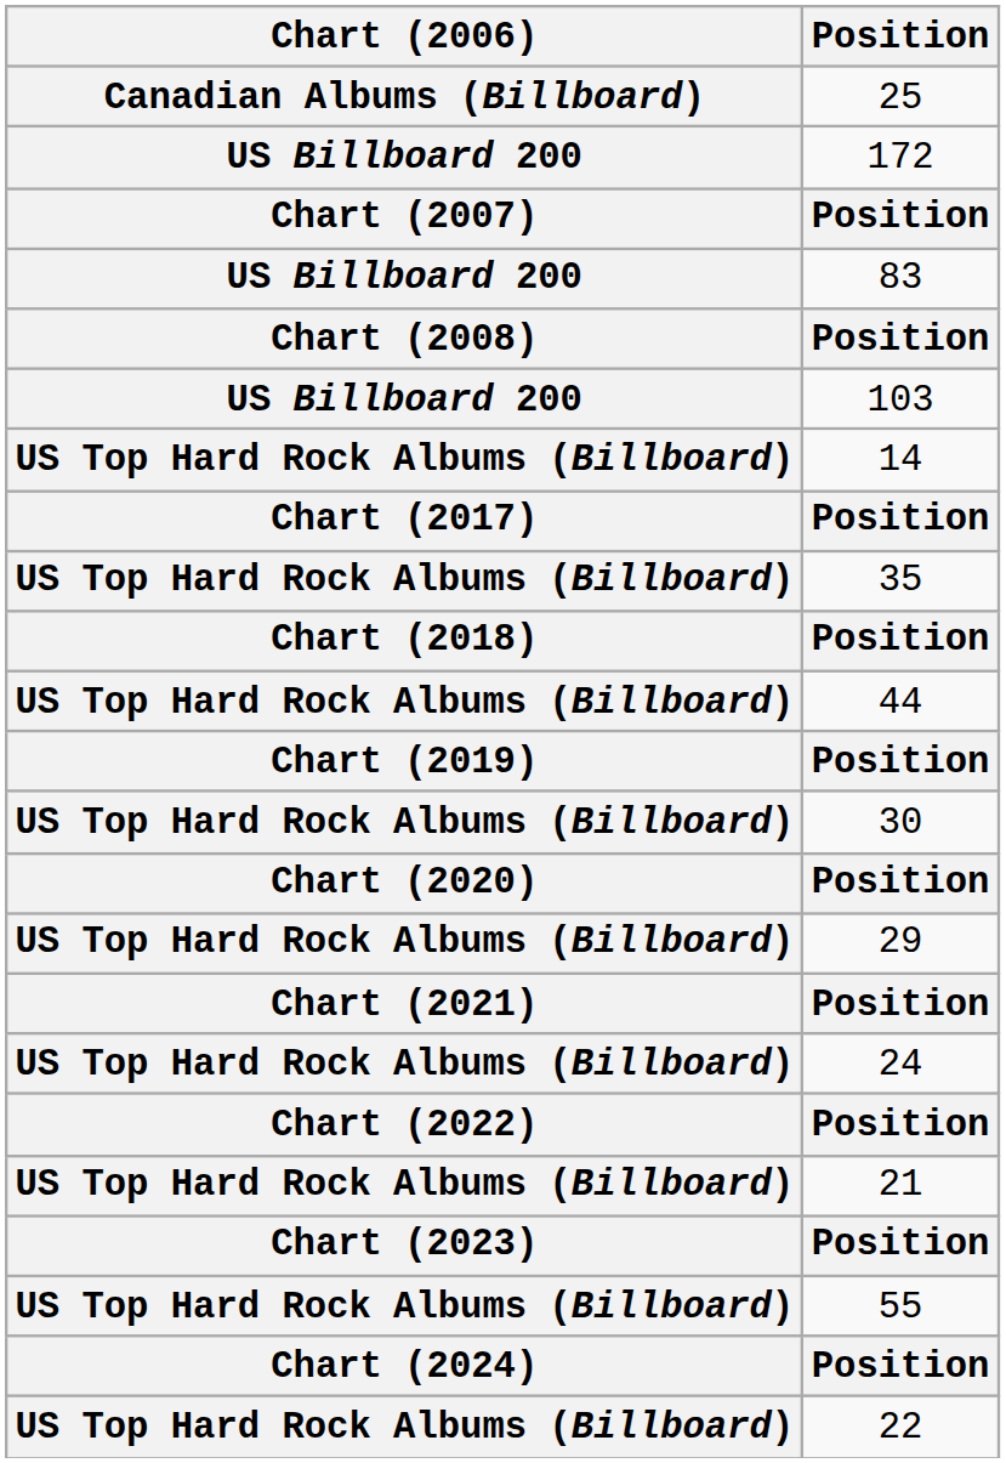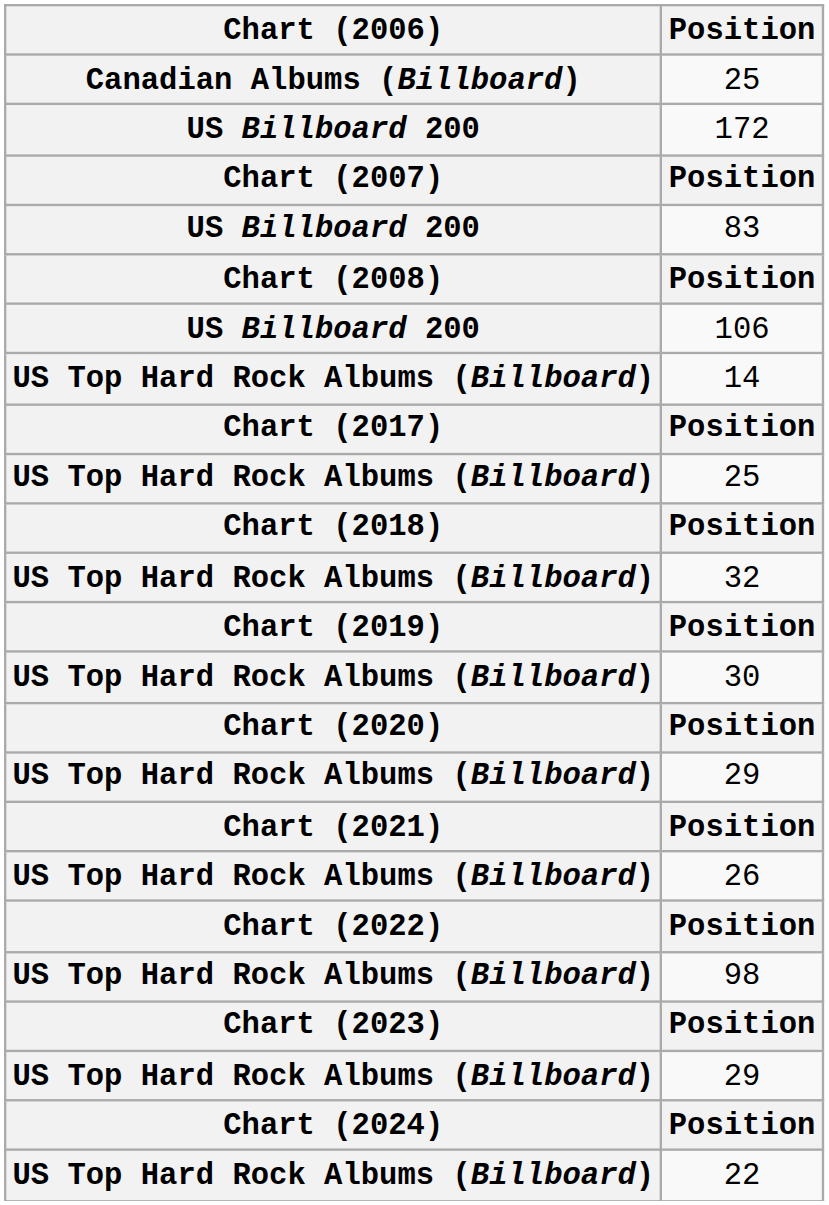 <table class="wikitable plainrowheaders" style="text-align:center">
 <tr>
 <th scope="col">Chart (2006)</th>
 <th scope="col">Position</th>
 </tr>
 <tr>
 <th scope="row">Canadian Albums (<em>Billboard</em>)</th>
 <td>25</td>
 </tr>
 <tr>
 <th scope="row">US <em>Billboard</em> 200</th>
 <td>172</td>
 </tr>
 <tr>
 <th scope="col">Chart (2007)</th>
 <th scope="col">Position</th>
 </tr>
 <tr>
 <th scope="row">US <em>Billboard</em> 200</th>
 <td>83</td>
 </tr>
 <tr>
 <th scope="col">Chart (2008)</th>
 <th scope="col">Position</th>
 </tr>
 <tr>
 <th scope="row">US <em>Billboard</em> 200</th>
-<td>103</td>
+<td>106</td>
 </tr>
 <tr>
 <th scope="row">US Top Hard Rock Albums (<em>Billboard</em>)</th>
 <td>14</td>
 </tr>
 <tr>
 <th scope="col">Chart (2017)</th>
 <th scope="col">Position</th>
 </tr>
 <tr>
 <th scope="row">US Top Hard Rock Albums (<em>Billboard</em>)</th>
-<td>35</td>
+<td>25</td>
 </tr>
 <tr>
 <th scope="col">Chart (2018)</th>
 <th scope="col">Position</th>
 </tr>
 <tr>
 <th scope="row">US Top Hard Rock Albums (<em>Billboard</em>)</th>
-<td>44</td>
+<td>32</td>
 </tr>
 <tr>
 <th scope="col">Chart (2019)</th>
 <th scope="col">Position</th>
 </tr>
 <tr>
 <th scope="row">US Top Hard Rock Albums (<em>Billboard</em>)</th>
 <td>30</td>
 </tr>
 <tr>
 <th scope="col">Chart (2020)</th>
 <th scope="col">Position</th>
 </tr>
 <tr>
 <th scope="row">US Top Hard Rock Albums (<em>Billboard</em>)</th>
 <td>29</td>
 </tr>
 <tr>
 <th scope="col">Chart (2021)</th>
 <th scope="col">Position</th>
 </tr>
 <tr>
 <th scope="row">US Top Hard Rock Albums (<em>Billboard</em>)</th>
-<td>24</td>
+<td>26</td>
 </tr>
 <tr>
 <th scope="col">Chart (2022)</th>
 <th scope="col">Position</th>
 </tr>
 <tr>
 <th scope="row">US Top Hard Rock Albums (<em>Billboard</em>)</th>
-<td>21</td>
+<td>98</td>
 </tr>
 <tr>
 <th scope="col">Chart (2023)</th>
 <th scope="col">Position</th>
 </tr>
 <tr>
 <th scope="row">US Top Hard Rock Albums (<em>Billboard</em>)</th>
-<td>55</td>
+<td>29</td>
 </tr>
 <tr>
 <th scope="col">Chart (2024)</th>
 <th scope="col">Position</th>
 </tr>
 <tr>
 <th scope="row">US Top Hard Rock Albums (<em>Billboard</em>)</th>
 <td>22</td>
 </tr>
 </table>
